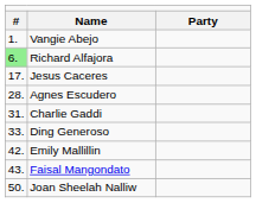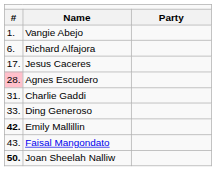 <table class=wikitable style="font-size:90%">
 <tr>
 <td colspan=4 bgcolor=></td>
 </tr>
 <tr>
 <th>#</th>
 <th width=150px>Name</th>
 <th colspan=2 width=110px>Party</th>
 </tr>
 <tr>
 <td>1.</td>
 <td>Vangie Abejo</td>
 <td></td>
 </tr>
 <tr>
-<td style="background: lightgreen;">6.</td>
+<td>6.</td>
 <td>Richard Alfajora</td>
 <td></td>
 </tr>
 <tr>
 <td>17.</td>
 <td>Jesus Caceres</td>
 <td></td>
 </tr>
 <tr>
-<td>28.</td>
+<td style="background: pink;">28.</td>
 <td>Agnes Escudero</td>
 <td></td>
 </tr>
 <tr>
 <td>31.</td>
 <td>Charlie Gaddi</td>
 <td></td>
 </tr>
 <tr>
 <td>33.</td>
 <td>Ding Generoso</td>
 <td></td>
 </tr>
 <tr>
-<td>42.</td>
+<td><strong>42.</strong></td>
 <td>Emily Mallillin</td>
 <td></td>
 </tr>
 <tr>
 <td>43.</td>
 <td><a href='#'>Faisal Mangondato</a></td>
 <td></td>
 </tr>
 <tr>
-<td>50.</td>
+<td><strong>50.</strong></td>
 <td>Joan Sheelah Nalliw</td>
 <td></td>
 </tr>
 </table>
